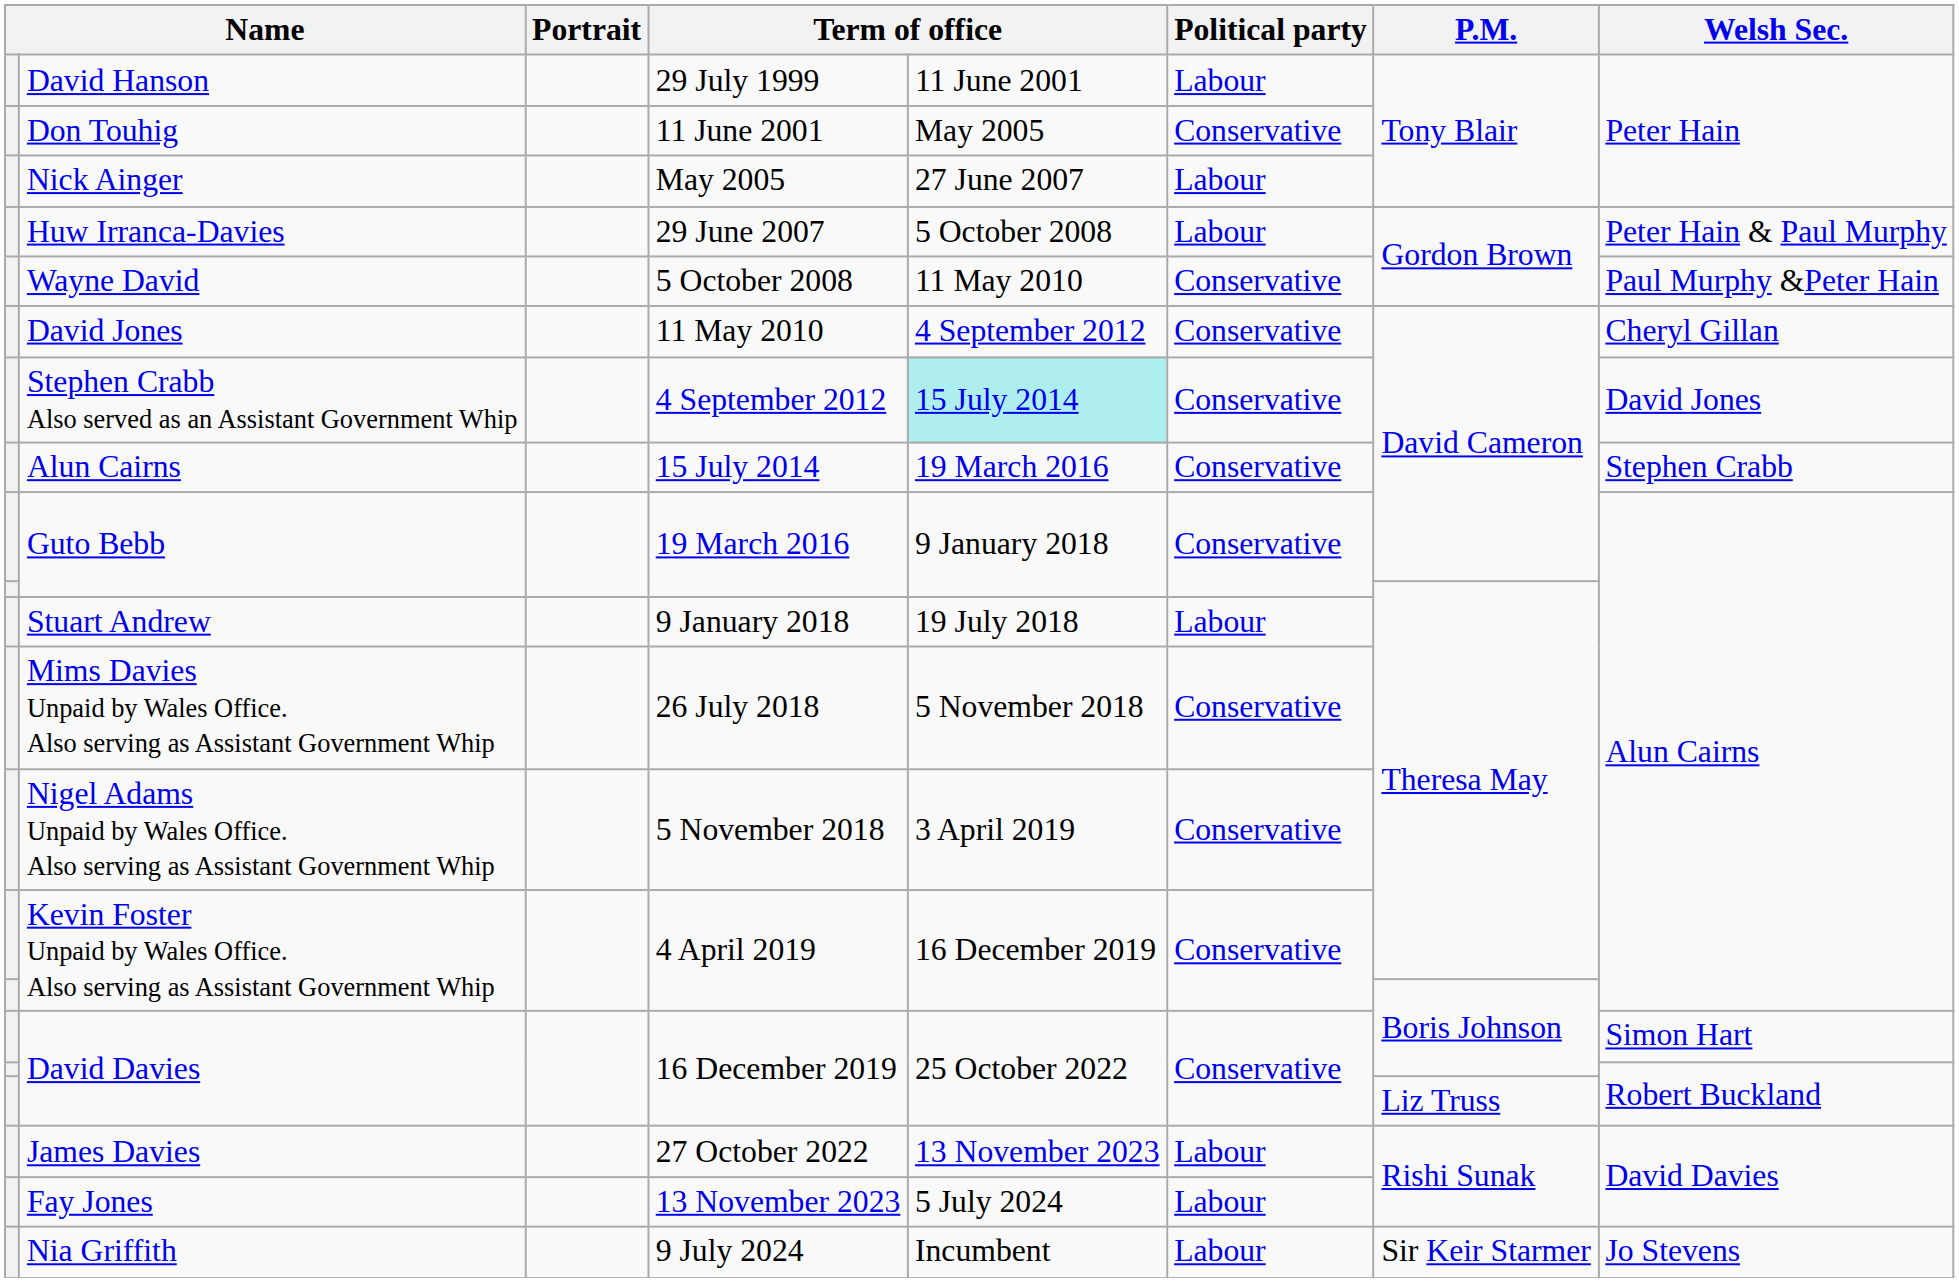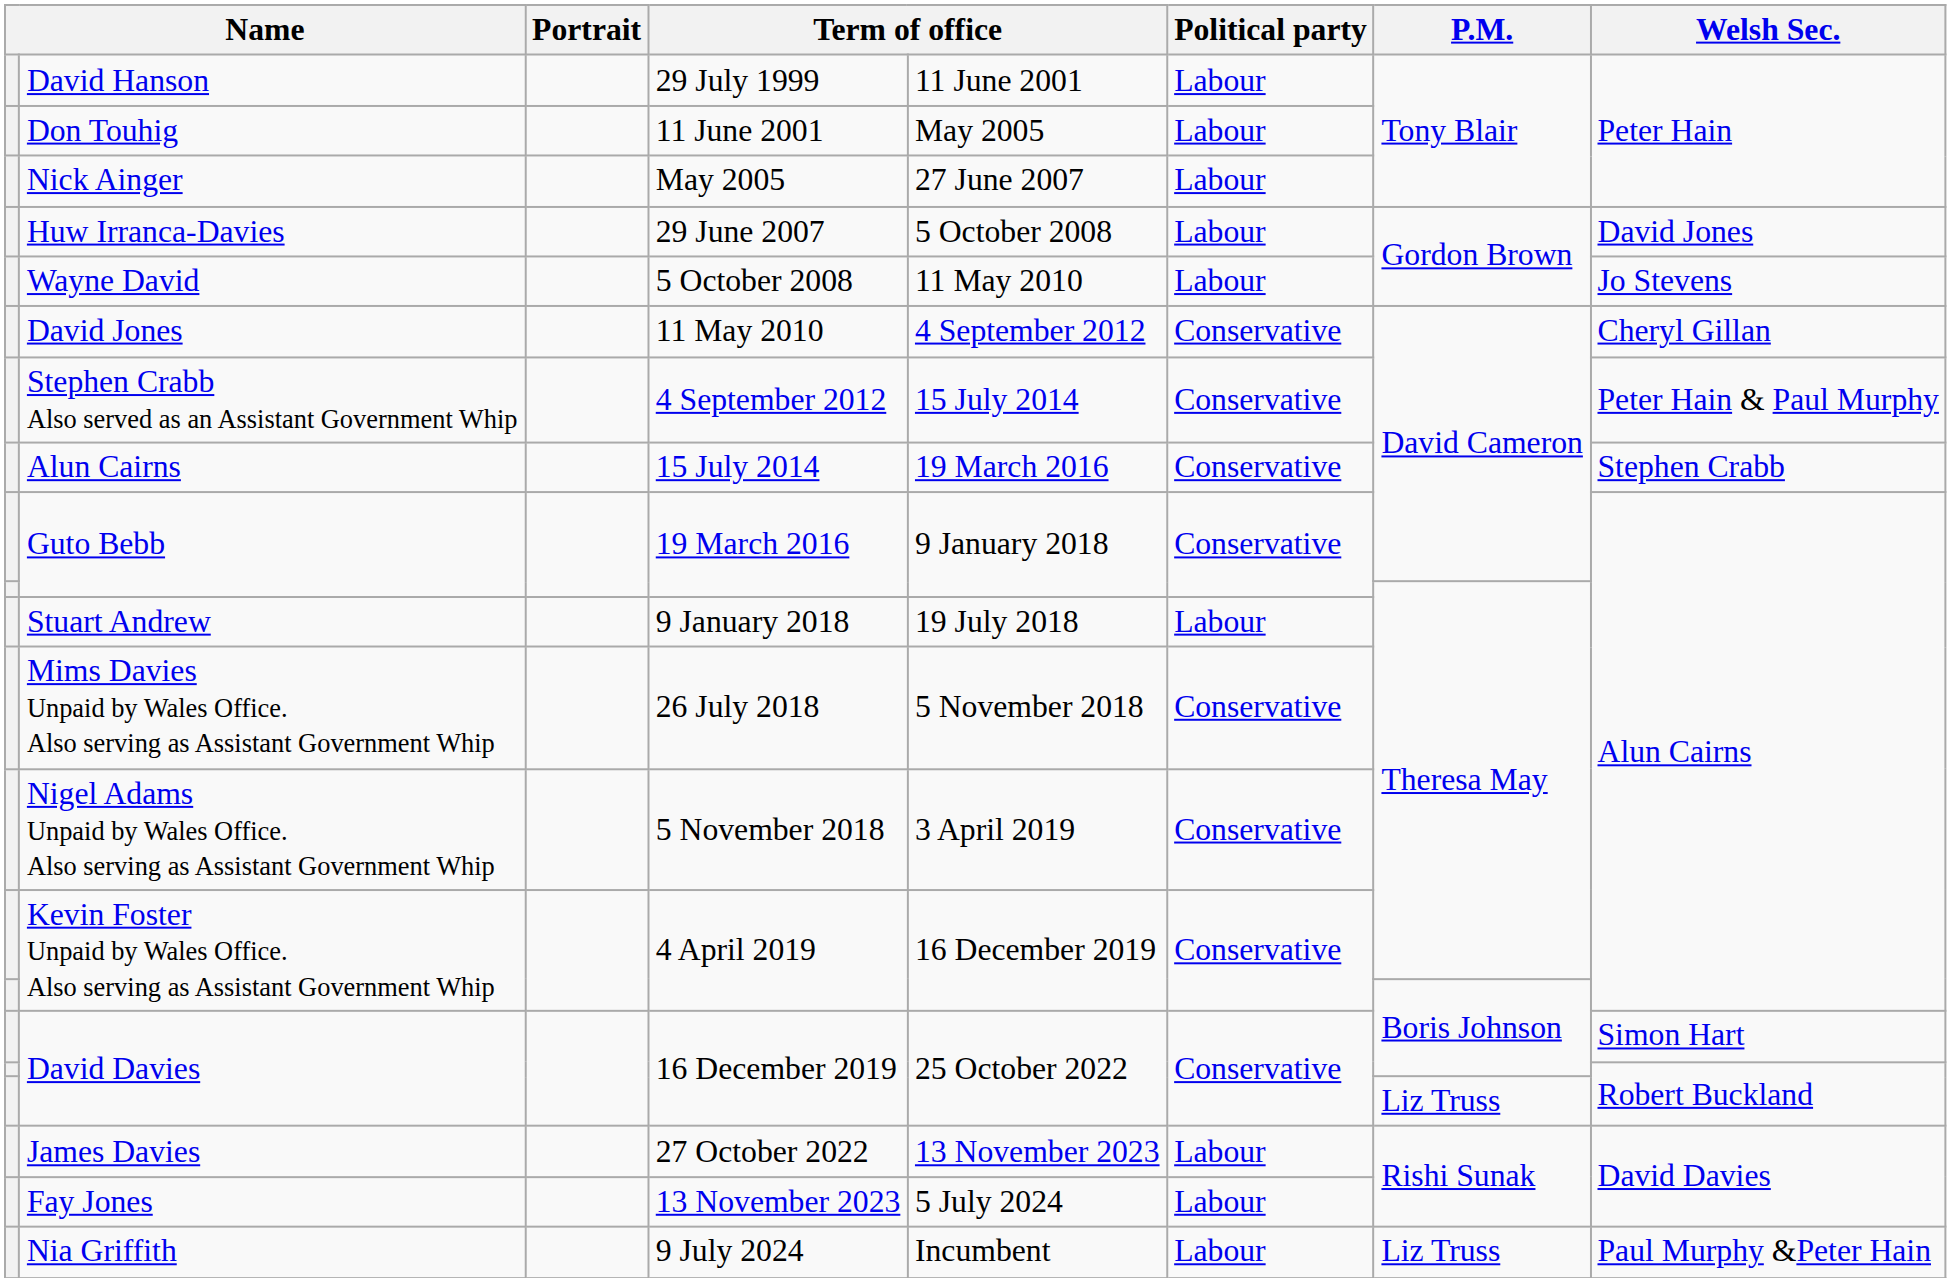 <table class="wikitable">
 <tr>
 <th colspan=2>Name</th>
 <th>Portrait</th>
 <th colspan=2>Term of office</th>
 <th>Political party</th>
 <th><a href='#'>P.M.</a></th>
 <th><a href='#'>Welsh Sec.</a></th>
 </tr>
 <tr>
 <th style="background-color: "></th>
 <td><a href='#'>David Hanson</a></td>
 <td></td>
 <td>29 July 1999</td>
 <td>11 June 2001</td>
 <td><a href='#'>Labour</a></td>
 <td rowspan=3><a href='#'>Tony Blair</a></td>
 <td rowspan=3><a href='#'>Peter Hain</a></td>
 </tr>
 <tr>
 <th style="background-color: "></th>
 <td><a href='#'>Don Touhig</a></td>
 <td></td>
 <td>11 June 2001</td>
 <td>May 2005</td>
-<td><a href='#'>Conservative</a></td>
+<td><a href='#'>Labour</a></td>
 </tr>
 <tr>
 <th style="background-color: "></th>
 <td><a href='#'>Nick Ainger</a></td>
 <td></td>
 <td>May 2005</td>
 <td>27 June 2007</td>
 <td><a href='#'>Labour</a></td>
 </tr>
 <tr>
 <th style="background-color: "></th>
 <td><a href='#'>Huw Irranca-Davies</a></td>
 <td></td>
 <td>29 June 2007</td>
 <td>5 October 2008</td>
 <td><a href='#'>Labour</a></td>
 <td rowspan=2><a href='#'>Gordon Brown</a></td>
-<td><a href='#'>Peter Hain</a> & <a href='#'>Paul Murphy</a></td>
+<td><a href='#'>David Jones</a></td>
 </tr>
 <tr>
 <th style="background-color: "></th>
 <td><a href='#'>Wayne David</a></td>
 <td></td>
 <td>5 October 2008</td>
 <td>11 May 2010</td>
-<td><a href='#'>Conservative</a></td>
-<td><a href='#'>Paul Murphy</a> &<a href='#'>Peter Hain</a></td>
+<td><a href='#'>Labour</a></td>
+<td><a href='#'>Jo Stevens</a></td>
 </tr>
 <tr>
 <th style="background-color: "></th>
 <td><a href='#'>David Jones</a></td>
 <td></td>
 <td>11 May 2010</td>
 <td><a href='#'>4 September 2012</a></td>
 <td><a href='#'>Conservative</a></td>
 <td rowspan=4><a href='#'>David Cameron</a></td>
 <td><a href='#'>Cheryl Gillan</a></td>
 </tr>
 <tr>
 <th style="background-color: "></th>
 <td><a href='#'>Stephen Crabb</a> <br><small>Also served as an Assistant Government Whip</small></td>
 <td></td>
 <td><a href='#'>4 September 2012</a></td>
-<td style="background: paleturquoise;"><a href='#'>15 July 2014</a></td>
+<td><a href='#'>15 July 2014</a></td>
 <td><a href='#'>Conservative</a></td>
-<td><a href='#'>David Jones</a></td>
+<td><a href='#'>Peter Hain</a> & <a href='#'>Paul Murphy</a></td>
 </tr>
 <tr>
 <th style="background-color: "></th>
 <td><a href='#'>Alun Cairns</a></td>
 <td></td>
 <td><a href='#'>15 July 2014</a></td>
 <td><a href='#'>19 March 2016</a></td>
 <td><a href='#'>Conservative</a></td>
 <td><a href='#'>Stephen Crabb</a></td>
 </tr>
 <tr style=height:45px>
 <th style="background-color: "></th>
 <td rowspan=2><a href='#'>Guto Bebb</a></td>
 <td rowspan=2></td>
 <td rowspan=2><a href='#'>19 March 2016</a></td>
 <td rowspan=2>9 January 2018</td>
 <td rowspan=2><a href='#'>Conservative</a></td>
 <td rowspan=7><a href='#'>Alun Cairns</a></td>
 </tr>
 <tr>
 <th style="background-color: "></th>
 <td rowspan=5><a href='#'>Theresa May</a></td>
 </tr>
 <tr>
 <th style="background-color: "></th>
 <td><a href='#'>Stuart Andrew</a></td>
 <td></td>
 <td>9 January 2018</td>
 <td>19 July 2018</td>
 <td><a href='#'>Labour</a></td>
 </tr>
 <tr>
 <th style="background-color: "></th>
 <td><a href='#'>Mims Davies</a> <br><small> Unpaid by Wales Office. <br> Also serving as Assistant Government Whip</small></td>
 <td></td>
 <td>26 July 2018</td>
 <td>5 November 2018</td>
 <td><a href='#'>Conservative</a></td>
 </tr>
 <tr>
 <th style="background-color: "></th>
 <td><a href='#'>Nigel Adams</a> <br><small> Unpaid by Wales Office. <br> Also serving as Assistant Government Whip</small></td>
 <td></td>
 <td>5 November 2018</td>
 <td>3 April 2019</td>
 <td><a href='#'>Conservative</a></td>
 </tr>
 <tr style=height:45px>
 <th style="background-color: "></th>
 <td rowspan=2><a href='#'>Kevin Foster</a><br><small>Unpaid by Wales Office. <br> Also serving as Assistant Government Whip</small></td>
 <td rowspan=2></td>
 <td rowspan=2>4 April 2019</td>
 <td rowspan=2>16 December 2019</td>
 <td rowspan=2><a href='#'>Conservative</a></td>
 </tr>
 <tr>
 <th style="background-color: "></th>
 <td rowspan=3><a href='#'>Boris Johnson</a></td>
 </tr>
 <tr>
 <th style="background-color: "></th>
 <td rowspan=3><a href='#'>David Davies</a> <br></td>
 <td rowspan=3></td>
 <td rowspan=3>16 December 2019</td>
 <td rowspan=3>25 October 2022</td>
 <td rowspan=3><a href='#'>Conservative</a></td>
 <td><a href='#'>Simon Hart</a></td>
 </tr>
 <tr>
 <th style="background-color: "></th>
 <td rowspan=2><a href='#'>Robert Buckland</a></td>
 </tr>
 <tr>
 <th style="background-color: "></th>
 <td><a href='#'>Liz Truss</a></td>
 </tr>
 <tr>
 <th style="background-color: "></th>
 <td><a href='#'>James Davies</a></td>
 <td></td>
 <td>27 October 2022</td>
 <td><a href='#'>13 November 2023</a></td>
 <td><a href='#'>Labour</a></td>
 <td rowspan=2><a href='#'>Rishi Sunak</a></td>
 <td rowspan=2><a href='#'>David Davies</a></td>
 </tr>
 <tr>
 <th style="background-color: "></th>
 <td><a href='#'>Fay Jones</a></td>
 <td></td>
 <td><a href='#'>13 November 2023</a></td>
 <td>5 July 2024</td>
 <td><a href='#'>Labour</a></td>
 </tr>
 <tr>
 <th style="background-color: "></th>
 <td><a href='#'>Nia Griffith</a></td>
 <td></td>
 <td>9 July 2024</td>
 <td>Incumbent</td>
 <td><a href='#'>Labour</a></td>
-<td>Sir <a href='#'>Keir Starmer</a></td>
-<td><a href='#'>Jo Stevens</a></td>
+<td><a href='#'>Liz Truss</a></td>
+<td><a href='#'>Paul Murphy</a> &<a href='#'>Peter Hain</a></td>
 </tr>
 </table>
